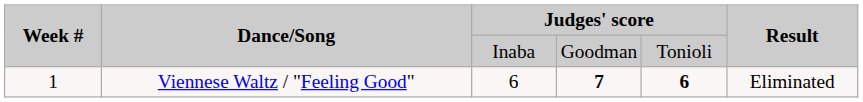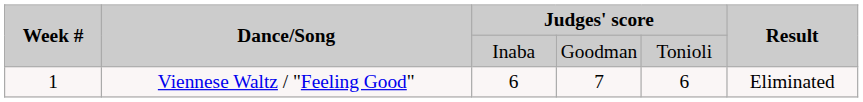 <table class="wikitable" style="float:left;">
 <tr style="text-align:Center; background:#ccc;">
 <td rowspan="2"><strong>Week #</strong></td>
 <td rowspan="2"><strong>Dance/Song</strong></td>
 <td colspan="3"><strong>Judges' score</strong></td>
 <td rowspan="2"><strong>Result</strong></td>
 </tr>
 <tr style="text-align:center; background:#ccc;">
 <td style="width:10%; ">Inaba</td>
 <td style="width:10%; ">Goodman</td>
 <td style="width:10%; ">Tonioli</td>
 </tr>
 <tr style="text-align:center; background:#faf6f6;">
 <td>1</td>
 <td><a href='#'>Viennese Waltz</a> / "<a href='#'>Feeling Good</a>"</td>
 <td>6</td>
-<td><strong>7</strong></td>
-<td><strong>6</strong></td>
+<td>7</td>
+<td>6</td>
 <td>Eliminated</td>
 </tr>
 </table>
